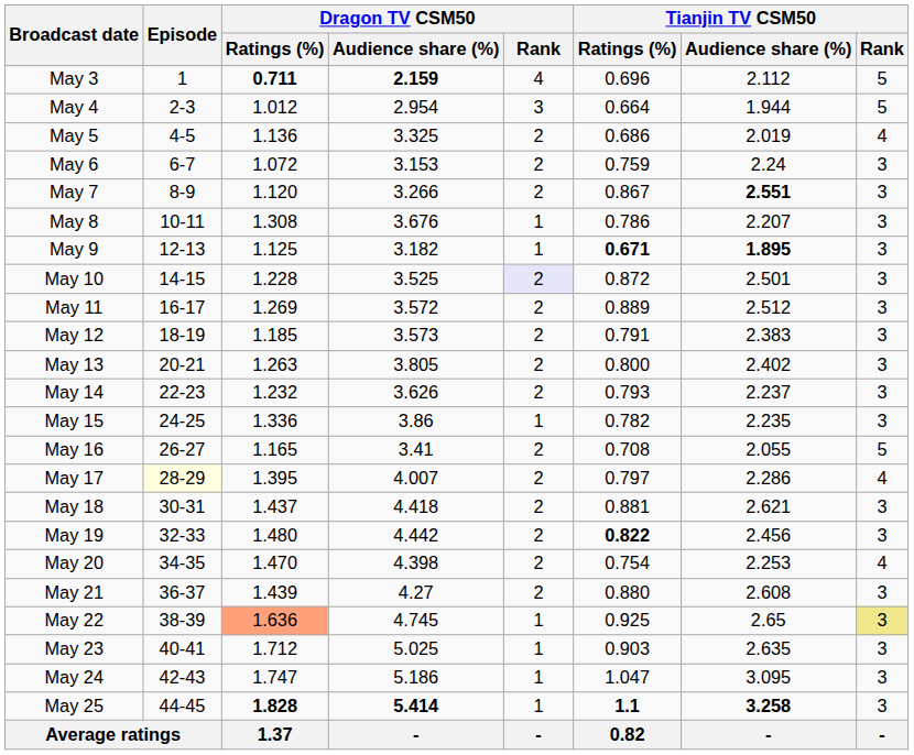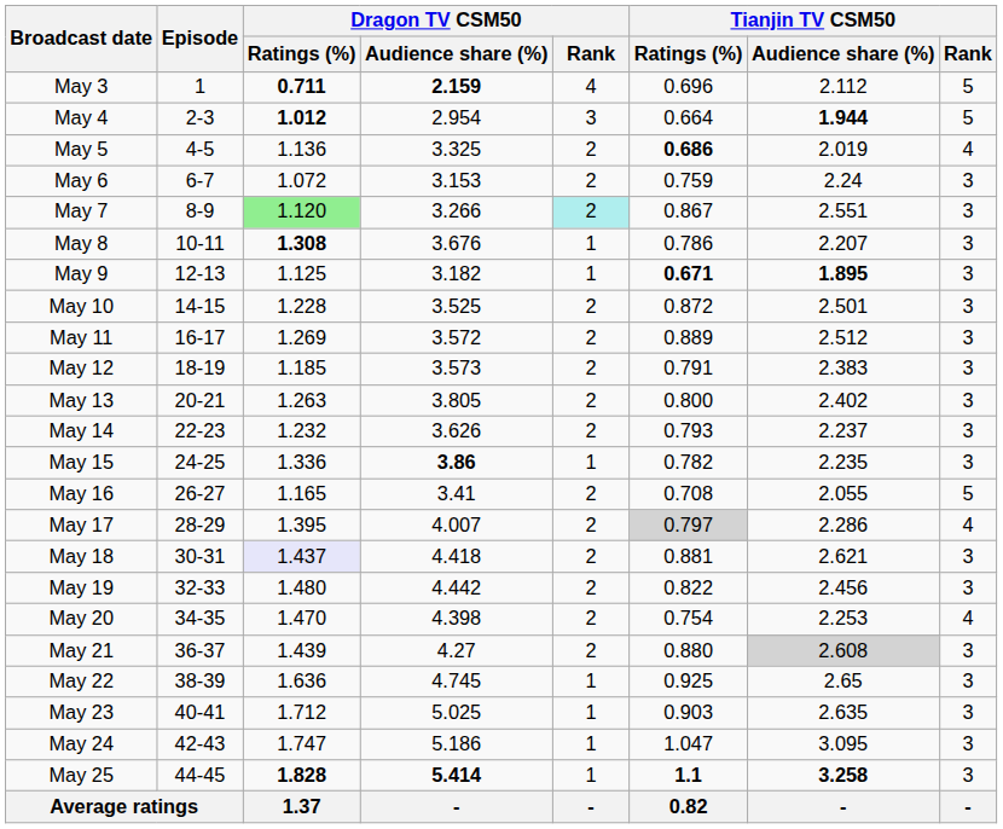 <table class="wikitable sortable mw-collapsible mw-collapsed jquery-tablesorter" style="text-align:center">
 <tr>
 <th colspan="1" rowspan="2"><strong>Broadcast date</strong></th>
 <th colspan="1" rowspan="2"><strong>Episode</strong></th>
 <th colspan="3" rowspan="1"><strong><a href='#'>Dragon TV</a> CSM50</strong></th>
 <th colspan="3" rowspan="1"><strong><a href='#'>Tianjin TV</a> CSM50</strong></th>
 </tr>
 <tr>
 <th><strong>Ratings (%)</strong></th>
 <th><strong>Audience share (%)</strong></th>
 <th><strong>Rank　</strong></th>
 <th><strong>Ratings (%)</strong></th>
 <th><strong>Audience share (%)</strong></th>
 <th><strong>Rank</strong></th>
 </tr>
 <tr>
 <td>May 3</td>
 <td>1</td>
 <td><strong><span>0.711</span></strong></td>
 <td><strong><span>2.159</span></strong></td>
 <td>4</td>
 <td>0.696</td>
 <td>2.112</td>
 <td>5</td>
 </tr>
 <tr>
 <td>May 4</td>
 <td>2-3</td>
-<td>1.012</td>
+<td><strong>1.012</strong></td>
 <td>2.954</td>
 <td>3</td>
 <td>0.664</td>
-<td>1.944</td>
+<td><strong>1.944</strong></td>
 <td>5</td>
 </tr>
 <tr>
 <td>May 5</td>
 <td>4-5</td>
 <td>1.136</td>
 <td>3.325</td>
 <td>2</td>
-<td>0.686</td>
+<td><strong>0.686</strong></td>
 <td>2.019</td>
 <td>4</td>
 </tr>
 <tr>
 <td>May 6</td>
 <td>6-7</td>
 <td>1.072</td>
 <td>3.153</td>
 <td>2</td>
 <td>0.759</td>
 <td>2.24</td>
 <td>3</td>
 </tr>
 <tr>
 <td>May 7</td>
 <td>8-9</td>
-<td>1.120</td>
+<td style="background: lightgreen;">1.120</td>
 <td>3.266</td>
-<td>2</td>
+<td style="background: paleturquoise;">2</td>
 <td>0.867</td>
-<td><strong>2.551</strong></td>
+<td>2.551</td>
 <td>3</td>
 </tr>
 <tr>
 <td>May 8</td>
 <td>10-11</td>
-<td>1.308</td>
+<td><strong>1.308</strong></td>
 <td>3.676</td>
 <td>1</td>
 <td>0.786</td>
 <td>2.207</td>
 <td>3</td>
 </tr>
 <tr>
 <td>May 9</td>
 <td>12-13</td>
 <td>1.125</td>
 <td>3.182</td>
 <td>1</td>
 <td><strong><span>0.671</span></strong></td>
 <td><strong><span>1.895</span></strong></td>
 <td>3</td>
 </tr>
 <tr>
 <td>May 10</td>
 <td>14-15</td>
 <td>1.228</td>
 <td>3.525</td>
-<td style="background: lavender;">2</td>
+<td>2</td>
 <td>0.872</td>
 <td>2.501</td>
 <td>3</td>
 </tr>
 <tr>
 <td>May 11</td>
 <td>16-17</td>
 <td>1.269</td>
 <td>3.572</td>
 <td>2</td>
 <td>0.889</td>
 <td>2.512</td>
 <td>3</td>
 </tr>
 <tr>
 <td>May 12</td>
 <td>18-19</td>
 <td>1.185</td>
 <td>3.573</td>
 <td>2</td>
 <td>0.791</td>
 <td>2.383</td>
 <td>3</td>
 </tr>
 <tr>
 <td>May 13</td>
 <td>20-21</td>
 <td>1.263</td>
 <td>3.805</td>
 <td>2</td>
 <td>0.800</td>
 <td>2.402</td>
 <td>3</td>
 </tr>
 <tr>
 <td>May 14</td>
 <td>22-23</td>
 <td>1.232</td>
 <td>3.626</td>
 <td>2</td>
 <td>0.793</td>
 <td>2.237</td>
 <td>3</td>
 </tr>
 <tr>
 <td>May 15</td>
 <td>24-25</td>
 <td>1.336</td>
-<td>3.86</td>
+<td><strong>3.86</strong></td>
 <td>1</td>
 <td>0.782</td>
 <td>2.235</td>
 <td>3</td>
 </tr>
 <tr>
 <td>May 16</td>
 <td>26-27</td>
 <td>1.165</td>
 <td>3.41</td>
 <td>2</td>
 <td>0.708</td>
 <td>2.055</td>
 <td>5</td>
 </tr>
 <tr>
 <td>May 17</td>
-<td style="background: lightyellow;">28-29</td>
+<td>28-29</td>
 <td>1.395</td>
 <td>4.007</td>
 <td>2</td>
-<td>0.797</td>
+<td style="background: lightgrey;">0.797</td>
 <td>2.286</td>
 <td>4</td>
 </tr>
 <tr>
 <td>May 18</td>
 <td>30-31</td>
-<td>1.437</td>
+<td style="background: lavender;">1.437</td>
 <td>4.418</td>
 <td>2</td>
 <td>0.881</td>
 <td>2.621</td>
 <td>3</td>
 </tr>
 <tr>
 <td>May 19</td>
 <td>32-33</td>
 <td>1.480</td>
 <td>4.442</td>
 <td>2</td>
-<td><strong>0.822</strong></td>
+<td>0.822</td>
 <td>2.456</td>
 <td>3</td>
 </tr>
 <tr>
 <td>May 20</td>
 <td>34-35</td>
 <td>1.470</td>
 <td>4.398</td>
 <td>2</td>
 <td>0.754</td>
 <td>2.253</td>
 <td>4</td>
 </tr>
 <tr>
 <td>May 21</td>
 <td>36-37</td>
 <td>1.439</td>
 <td>4.27</td>
 <td>2</td>
 <td>0.880</td>
-<td>2.608</td>
+<td style="background: lightgrey;">2.608</td>
 <td>3</td>
 </tr>
 <tr>
 <td>May 22</td>
 <td>38-39</td>
-<td style="background: lightsalmon;">1.636</td>
+<td>1.636</td>
 <td>4.745</td>
 <td>1</td>
 <td>0.925</td>
 <td>2.65</td>
-<td style="background: khaki;">3</td>
+<td>3</td>
 </tr>
 <tr>
 <td>May 23</td>
 <td>40-41</td>
 <td>1.712</td>
 <td>5.025</td>
 <td>1</td>
 <td>0.903</td>
 <td>2.635</td>
 <td>3</td>
 </tr>
 <tr>
 <td>May 24</td>
 <td>42-43</td>
 <td>1.747</td>
 <td>5.186</td>
 <td>1</td>
 <td>1.047</td>
 <td>3.095</td>
 <td>3</td>
 </tr>
 <tr>
 <td>May 25</td>
 <td>44-45</td>
 <td><strong><span>1.828</span></strong></td>
 <td><strong><span>5.414</span></strong></td>
 <td>1</td>
 <td><strong><span>1.1</span></strong></td>
 <td><strong><span>3.258</span></strong></td>
 <td>3</td>
 </tr>
 <tr>
 <th colspan="2" rowspan="1"><strong>Average ratings</strong></th>
 <th><strong>1.37</strong></th>
 <th><strong>-</strong></th>
 <th><strong>-</strong></th>
 <th><strong>0.82</strong></th>
 <th><strong>-</strong></th>
 <th><strong>-</strong></th>
 </tr>
 </table>
